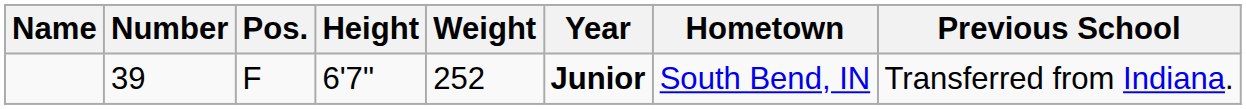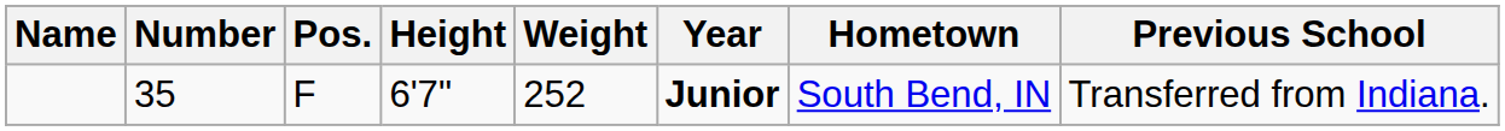 <table class="wikitable sortable" border="1">
 <tr>
 <th>Name</th>
 <th>Number</th>
 <th>Pos.</th>
 <th>Height</th>
 <th>Weight</th>
 <th>Year</th>
 <th>Hometown</th>
 <th class="unsortable">Previous School</th>
 </tr>
 <tr>
 <td></td>
-<td>39</td>
+<td>35</td>
 <td>F</td>
 <td>6'7"</td>
 <td>252</td>
 <td><strong>Junior</strong></td>
 <td><a href='#'>South Bend, IN</a></td>
 <td>Transferred from <a href='#'>Indiana</a>.</td>
 </tr>
 </table>
